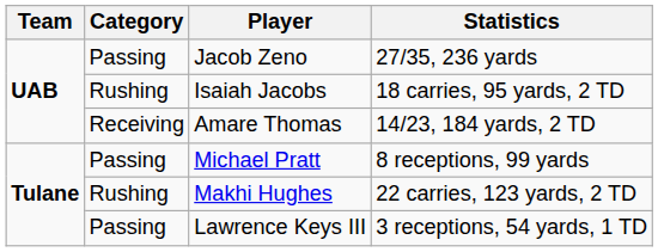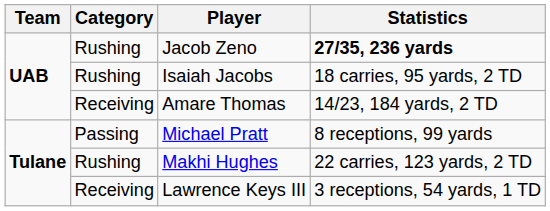 <table class="wikitable" style="float: right;">
 <tr>
 <th>Team</th>
 <th>Category</th>
 <th>Player</th>
 <th>Statistics</th>
 </tr>
 <tr>
 <td rowspan=3><strong>UAB</strong></td>
-<td>Passing</td>
+<td>Rushing</td>
 <td>Jacob Zeno</td>
-<td>27/35, 236 yards</td>
+<td><strong>27/35, 236 yards</strong></td>
 </tr>
 <tr>
 <td>Rushing</td>
 <td>Isaiah Jacobs</td>
 <td>18 carries, 95 yards, 2 TD</td>
 </tr>
 <tr>
 <td>Receiving</td>
 <td>Amare Thomas</td>
 <td>14/23, 184 yards, 2 TD</td>
 </tr>
 <tr>
 <td rowspan=3><strong>Tulane</strong></td>
 <td>Passing</td>
 <td><a href='#'>Michael Pratt</a></td>
 <td>8 receptions, 99 yards</td>
 </tr>
 <tr>
 <td>Rushing</td>
 <td><a href='#'>Makhi Hughes</a></td>
 <td>22 carries, 123 yards, 2 TD</td>
 </tr>
 <tr>
-<td>Passing</td>
+<td>Receiving</td>
 <td>Lawrence Keys III</td>
 <td>3 receptions, 54 yards, 1 TD</td>
 </tr>
 </table>
